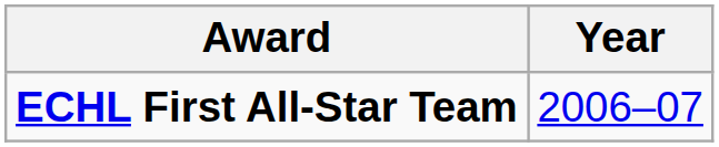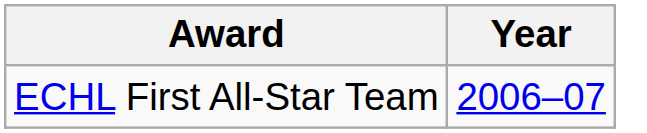 <table class="wikitable">
 <tr>
 <th>Award</th>
 <th>Year</th>
 </tr>
 <tr>
-<td><strong><a href='#'>ECHL</a> First All-Star Team</strong></td>
+<td><a href='#'>ECHL</a> First All-Star Team</td>
 <td><a href='#'>2006–07</a></td>
 </tr>
 </table>
